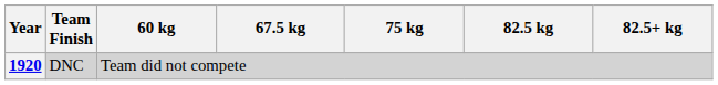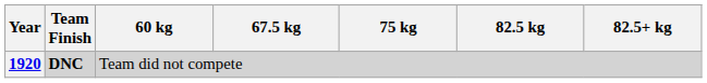 <table class="wikitable" style="font-size:88%">
 <tr style="background:lightgray">
 <th>Year</th>
 <th>Team Finish</th>
 <th width=280>60 kg</th>
 <th width=280>67.5 kg</th>
 <th width=280>75 kg</th>
 <th width=280>82.5 kg</th>
 <th width=280>82.5+ kg</th>
 </tr>
 <tr style="background:lightgray">
 <th><a href='#'>1920</a></th>
-<td>DNC</td>
+<td><strong>DNC</strong></td>
 <td colspan=5>Team did not compete</td>
 </tr>
 </table>
